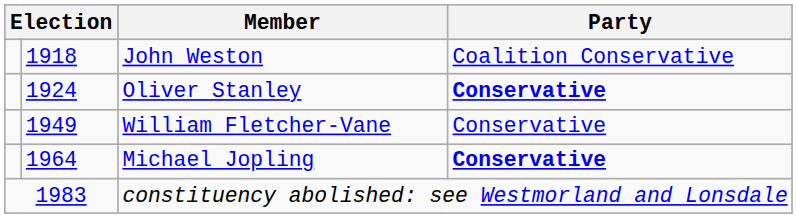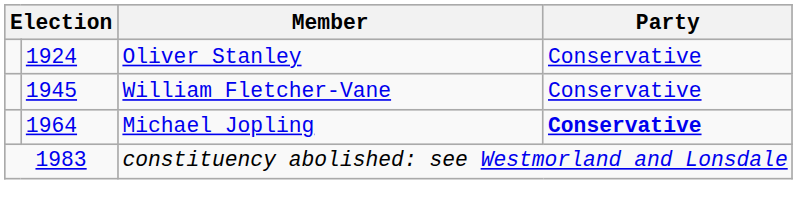 <table class="wikitable">
 <tr>
 <th colspan="2">Election</th>
 <th>Member</th>
 <th>Party</th>
 </tr>
 <tr>
 <td style="color:inherit;background-color: "></td>
-<td><a href='#'>1918</a></td>
-<td><a href='#'>John Weston</a></td>
-<td><a href='#'>Coalition Conservative</a></td>
+<td><a href='#'>1924</a></td>
+<td><a href='#'>Oliver Stanley</a></td>
+<td><a href='#'>Conservative</a></td>
 </tr>
 <tr>
 <td style="color:inherit;background-color: "></td>
-<td><a href='#'>1924</a></td>
-<td><a href='#'>Oliver Stanley</a></td>
-<td><strong><a href='#'>Conservative</a></strong></td>
-</tr>
-<tr>
-<td style="color:inherit;background-color: "></td>
-<td><a href='#'>1949</a></td>
+<td><a href='#'>1945</a></td>
 <td><a href='#'>William Fletcher-Vane</a></td>
 <td><a href='#'>Conservative</a></td>
 </tr>
 <tr>
 <td style="color:inherit;background-color: "></td>
 <td><a href='#'>1964</a></td>
 <td><a href='#'>Michael Jopling</a></td>
 <td><strong><a href='#'>Conservative</a></strong></td>
 </tr>
 <tr>
 <td colspan="2" align="center"><a href='#'>1983</a></td>
 <td colspan="2"><em>constituency abolished: see <a href='#'>Westmorland and Lonsdale</a></em></td>
 </tr>
 </table>
